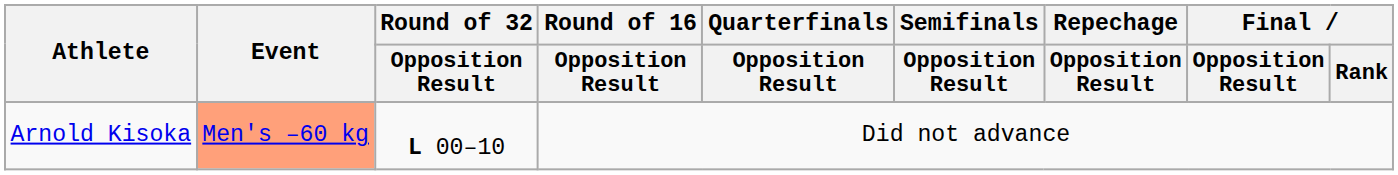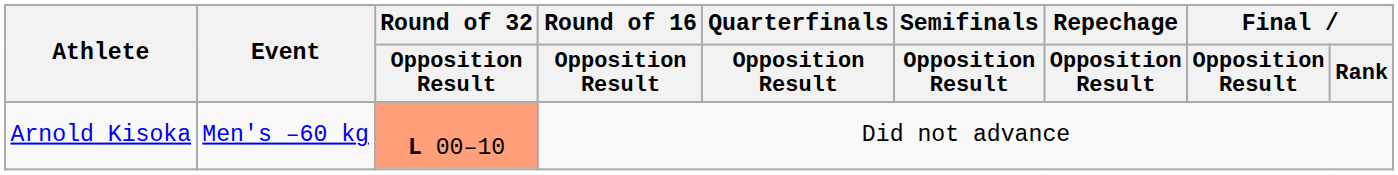 <table class="wikitable" style="font-size:90%">
 <tr>
 <th rowspan="2">Athlete</th>
 <th rowspan="2">Event</th>
 <th>Round of 32</th>
 <th>Round of 16</th>
 <th>Quarterfinals</th>
 <th>Semifinals</th>
 <th>Repechage</th>
 <th colspan=2>Final / </th>
 </tr>
 <tr style="font-size:95%">
 <th>Opposition<br>Result</th>
 <th>Opposition<br>Result</th>
 <th>Opposition<br>Result</th>
 <th>Opposition<br>Result</th>
 <th>Opposition<br>Result</th>
 <th>Opposition<br>Result</th>
 <th>Rank</th>
 </tr>
 <tr align=center>
 <td align=left><a href='#'>Arnold Kisoka</a></td>
-<td align=left style="background: lightsalmon;"><a href='#'>Men's –60 kg</a></td>
-<td><br><strong>L</strong> 00–10</td>
+<td align=left><a href='#'>Men's –60 kg</a></td>
+<td style="background: lightsalmon;"><br><strong>L</strong> 00–10</td>
 <td colspan=6>Did not advance</td>
 </tr>
 </table>
